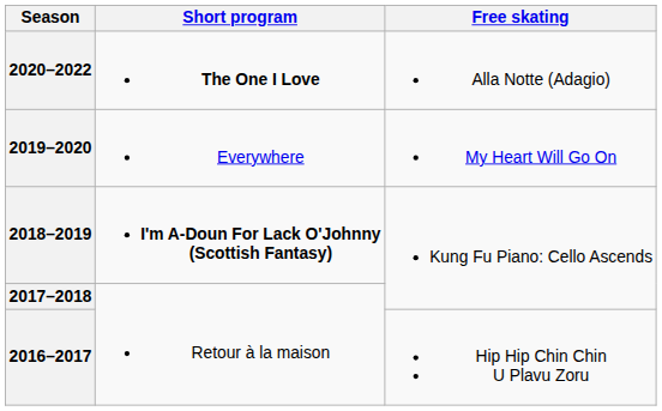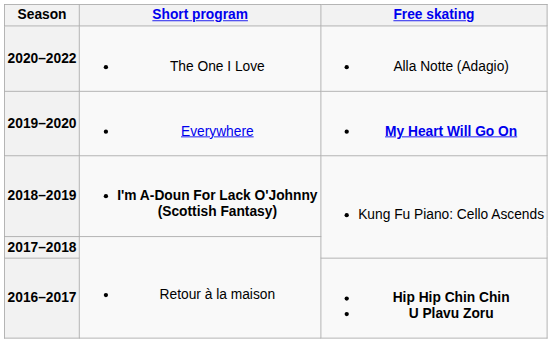 <table class=wikitable style=text-align:center>
 <tr>
 <th>Season</th>
 <th><a href='#'>Short program</a></th>
 <th><a href='#'>Free skating</a></th>
 </tr>
 <tr>
 <th>2020–2022 <br> </th>
-<td><strong><br><ul><li>The One I Love <br></li></ul></strong></td>
+<td><br><ul><li>The One I Love <br></li></ul></td>
 <td><br><ul><li>Alla Notte (Adagio) <br></li></ul></td>
 </tr>
 <tr>
 <th>2019–2020 <br> </th>
 <td><br><ul><li><a href='#'>Everywhere</a> <br></li></ul></td>
-<td><br><ul><li><a href='#'>My Heart Will Go On</a> <br></li></ul></td>
+<td><strong><br><ul><li><a href='#'>My Heart Will Go On</a> <br></li></ul></strong></td>
 </tr>
 <tr>
 <th>2018–2019 <br> </th>
 <td><strong><br><ul><li>I'm A-Doun For Lack O'Johnny <br>(Scottish Fantasy) <br></li></ul></strong></td>
 <td rowspan="2"><br><ul><li>Kung Fu Piano: Cello Ascends <br></li></ul></td>
 </tr>
 <tr>
 <th>2017–2018 <br> </th>
 <td rowspan="2"><br><ul><li>Retour à la maison <br></li></ul></td>
 </tr>
 <tr>
 <th>2016–2017 <br> </th>
-<td><br><ul><li>Hip Hip Chin Chin <br></li><li>U Plavu Zoru <br></li></ul></td>
+<td><strong><br><ul><li>Hip Hip Chin Chin <br></li><li>U Plavu Zoru <br></li></ul></strong></td>
 </tr>
 </table>
